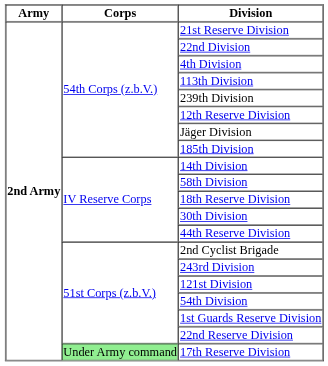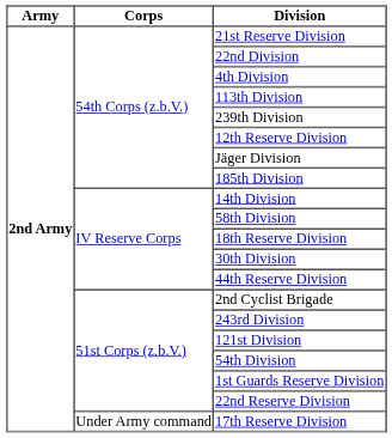 <table style="float: right;" border="1" cellpadding="1" cellspacing="0" style="font-size: 100%; border: gray solid 1px; border-collapse: collapse; text-align: center;">
 <tr>
 </tr>
 <tr>
 </tr>
 <tr>
 <th>Army</th>
 <th>Corps</th>
 <th>Division</th>
 </tr>
 <tr>
 <td ROWSPAN=20><strong>2nd Army</strong></td>
 <td ROWSPAN=8><a href='#'>54th Corps (z.b.V.)</a></td>
 <td><a href='#'>21st Reserve Division</a></td>
 </tr>
 <tr>
 <td><a href='#'>22nd Division</a></td>
 </tr>
 <tr>
 <td><a href='#'>4th Division</a></td>
 </tr>
 <tr>
 <td><a href='#'>113th Division</a></td>
 </tr>
 <tr>
 <td>239th Division</td>
 </tr>
 <tr>
 <td><a href='#'>12th Reserve Division</a></td>
 </tr>
 <tr>
 <td>Jäger Division</td>
 </tr>
 <tr>
 <td><a href='#'>185th Division</a></td>
 </tr>
 <tr>
 <td ROWSPAN=5><a href='#'>IV Reserve Corps</a></td>
 <td><a href='#'>14th Division</a></td>
 </tr>
 <tr>
 <td><a href='#'>58th Division</a></td>
 </tr>
 <tr>
 <td><a href='#'>18th Reserve Division</a></td>
 </tr>
 <tr>
 <td><a href='#'>30th Division</a></td>
 </tr>
 <tr>
 <td><a href='#'>44th Reserve Division</a></td>
 </tr>
 <tr>
 <td ROWSPAN=6><a href='#'>51st Corps (z.b.V.)</a></td>
 <td>2nd Cyclist Brigade</td>
 </tr>
 <tr>
 <td><a href='#'>243rd Division</a></td>
 </tr>
 <tr>
 <td><a href='#'>121st Division</a></td>
 </tr>
 <tr>
 <td><a href='#'>54th Division</a></td>
 </tr>
 <tr>
 <td><a href='#'>1st Guards Reserve Division</a></td>
 </tr>
 <tr>
 <td><a href='#'>22nd Reserve Division</a></td>
 </tr>
 <tr>
-<td ROWSPAN=1 style="background: lightgreen;">Under Army command</td>
+<td ROWSPAN=1>Under Army command</td>
 <td><a href='#'>17th Reserve Division</a></td>
 </tr>
 <tr>
 </tr>
 </table>
